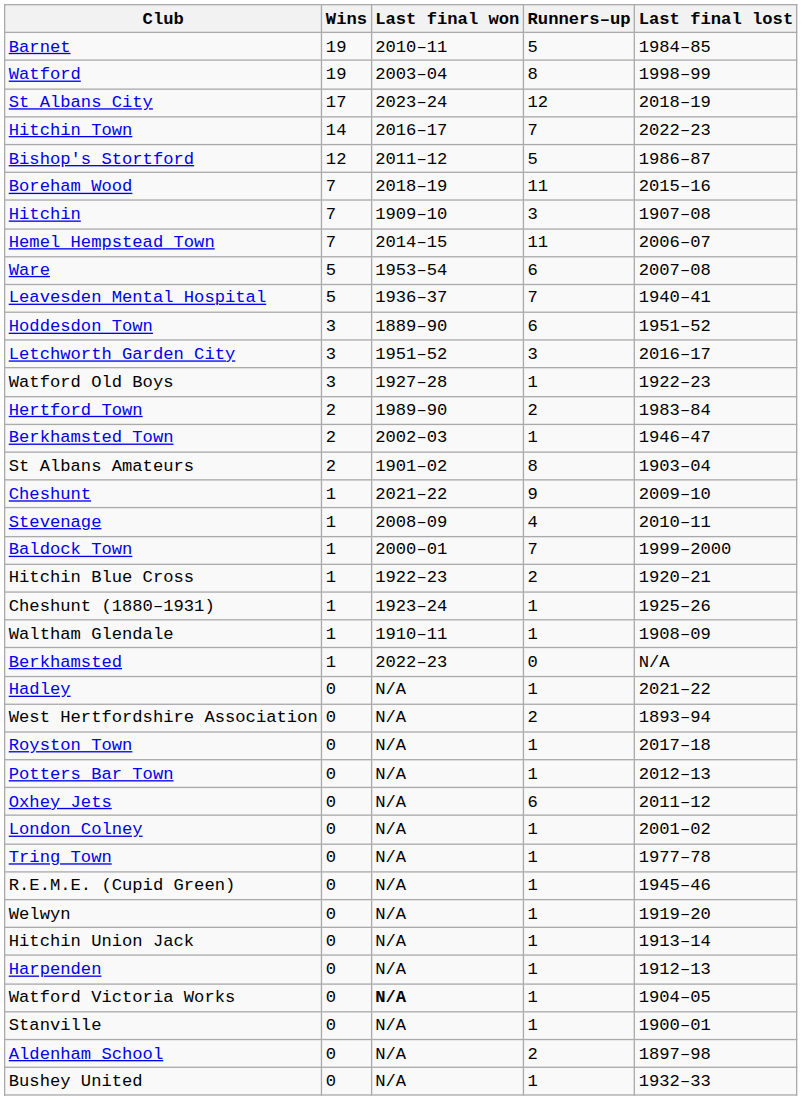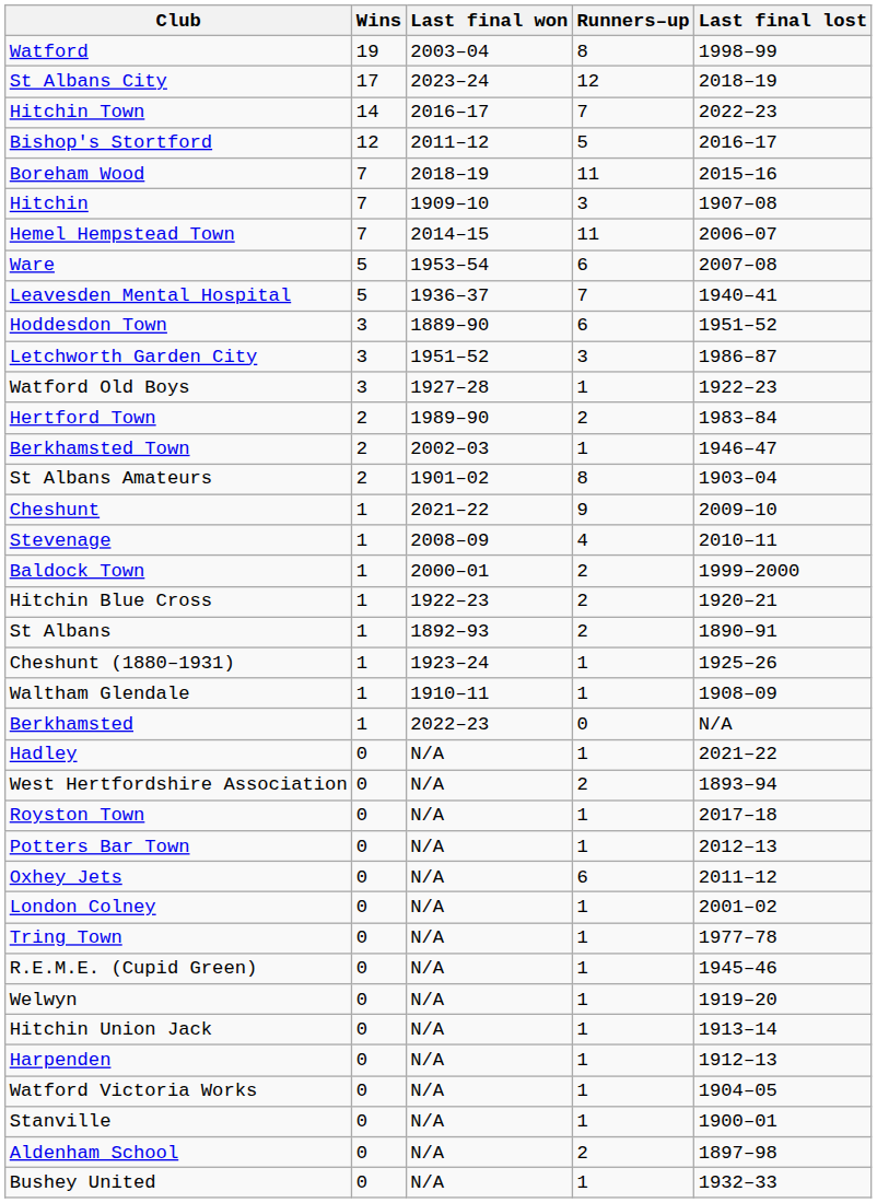 <table class="wikitable sortable" style="text–align: center;">
 <tr>
 <th>Club</th>
 <th>Wins</th>
 <th>Last final won</th>
 <th>Runners–up</th>
 <th>Last final lost</th>
-</tr>
-<tr>
-<td align=left><a href='#'>Barnet</a></td>
-<td>19</td>
-<td>2010–11</td>
-<td>5</td>
-<td>1984–85</td>
 </tr>
 <tr>
 <td align=left><a href='#'>Watford</a></td>
 <td>19</td>
 <td>2003–04</td>
 <td>8</td>
 <td>1998–99</td>
 </tr>
 <tr>
 <td align=left><a href='#'>St Albans City</a></td>
 <td>17</td>
 <td>2023–24</td>
 <td>12</td>
 <td>2018–19</td>
 </tr>
 <tr>
 <td align=left><a href='#'>Hitchin Town</a></td>
 <td>14</td>
 <td>2016–17</td>
 <td>7</td>
 <td>2022–23</td>
 </tr>
 <tr>
 <td align=left><a href='#'>Bishop's Stortford</a></td>
 <td>12</td>
 <td>2011–12</td>
 <td>5</td>
-<td>1986–87</td>
+<td>2016–17</td>
 </tr>
 <tr>
 <td align=left><a href='#'>Boreham Wood</a></td>
 <td>7</td>
 <td>2018–19</td>
 <td>11</td>
 <td>2015–16</td>
 </tr>
 <tr>
 <td align=left><a href='#'>Hitchin</a></td>
 <td>7</td>
 <td>1909–10</td>
 <td>3</td>
 <td>1907–08</td>
 </tr>
 <tr>
 <td align=left><a href='#'>Hemel Hempstead Town</a></td>
 <td>7</td>
 <td>2014–15</td>
 <td>11</td>
 <td>2006–07</td>
 </tr>
 <tr>
 <td align=left><a href='#'>Ware</a></td>
 <td>5</td>
 <td>1953–54</td>
 <td>6</td>
 <td>2007–08</td>
 </tr>
 <tr>
 <td align=left><a href='#'>Leavesden Mental Hospital</a></td>
 <td>5</td>
 <td>1936–37</td>
 <td>7</td>
 <td>1940–41</td>
 </tr>
 <tr>
 <td align=left><a href='#'>Hoddesdon Town</a></td>
 <td>3</td>
 <td>1889–90</td>
 <td>6</td>
 <td>1951–52</td>
 </tr>
 <tr>
 <td align=left><a href='#'>Letchworth Garden City</a></td>
 <td>3</td>
 <td>1951–52</td>
 <td>3</td>
-<td>2016–17</td>
+<td>1986–87</td>
 </tr>
 <tr>
 <td align=left>Watford Old Boys</td>
 <td>3</td>
 <td>1927–28</td>
 <td>1</td>
 <td>1922–23</td>
 </tr>
 <tr>
 <td align=left><a href='#'>Hertford Town</a></td>
 <td>2</td>
 <td>1989–90</td>
 <td>2</td>
 <td>1983–84</td>
 </tr>
 <tr>
 <td align=left><a href='#'>Berkhamsted Town</a></td>
 <td>2</td>
 <td>2002–03</td>
 <td>1</td>
 <td>1946–47</td>
 </tr>
 <tr>
 <td align=left>St Albans Amateurs</td>
 <td>2</td>
 <td>1901–02</td>
 <td>8</td>
 <td>1903–04</td>
 </tr>
 <tr>
 <td align=left><a href='#'>Cheshunt</a></td>
 <td>1</td>
 <td>2021–22</td>
 <td>9</td>
 <td>2009–10</td>
 </tr>
 <tr>
 <td align=left><a href='#'>Stevenage</a></td>
 <td>1</td>
 <td>2008–09</td>
 <td>4</td>
 <td>2010–11</td>
 </tr>
 <tr>
 <td align=left><a href='#'>Baldock Town</a></td>
 <td>1</td>
 <td>2000–01</td>
-<td>7</td>
+<td>2</td>
 <td>1999–2000</td>
 </tr>
 <tr>
 <td align=left>Hitchin Blue Cross</td>
 <td>1</td>
 <td>1922–23</td>
 <td>2</td>
 <td>1920–21</td>
+</tr>
+<tr>
+<td align=left>St Albans</td>
+<td>1</td>
+<td>1892–93</td>
+<td>2</td>
+<td>1890–91</td>
 </tr>
 <tr>
 <td align=left>Cheshunt (1880–1931)</td>
 <td>1</td>
 <td>1923–24</td>
 <td>1</td>
 <td>1925–26</td>
 </tr>
 <tr>
 <td align=left>Waltham Glendale</td>
 <td>1</td>
 <td>1910–11</td>
 <td>1</td>
 <td>1908–09</td>
 </tr>
 <tr>
 <td align=left><a href='#'>Berkhamsted</a></td>
 <td>1</td>
 <td>2022–23</td>
 <td>0</td>
 <td>N/A</td>
 </tr>
 <tr>
 <td align=left><a href='#'>Hadley</a></td>
 <td>0</td>
 <td>N/A</td>
 <td>1</td>
 <td>2021–22</td>
 </tr>
 <tr>
 <td align=left>West Hertfordshire Association</td>
 <td>0</td>
 <td>N/A</td>
 <td>2</td>
 <td>1893–94</td>
 </tr>
 <tr>
 <td align=left><a href='#'>Royston Town</a></td>
 <td>0</td>
 <td>N/A</td>
 <td>1</td>
 <td>2017–18</td>
 </tr>
 <tr>
 <td align=left><a href='#'>Potters Bar Town</a></td>
 <td>0</td>
 <td>N/A</td>
 <td>1</td>
 <td>2012–13</td>
 </tr>
 <tr>
 <td align=left><a href='#'>Oxhey Jets</a></td>
 <td>0</td>
 <td>N/A</td>
 <td>6</td>
 <td>2011–12</td>
 </tr>
 <tr>
 <td align=left><a href='#'>London Colney</a></td>
 <td>0</td>
 <td>N/A</td>
 <td>1</td>
 <td>2001–02</td>
 </tr>
 <tr>
 <td align=left><a href='#'>Tring Town</a></td>
 <td>0</td>
 <td>N/A</td>
 <td>1</td>
 <td>1977–78</td>
 </tr>
 <tr>
 <td align=left>R.E.M.E. (Cupid Green)</td>
 <td>0</td>
 <td>N/A</td>
 <td>1</td>
 <td>1945–46</td>
 </tr>
 <tr>
 <td align=left>Welwyn</td>
 <td>0</td>
 <td>N/A</td>
 <td>1</td>
 <td>1919–20</td>
 </tr>
 <tr>
 <td align=left>Hitchin Union Jack</td>
 <td>0</td>
 <td>N/A</td>
 <td>1</td>
 <td>1913–14</td>
 </tr>
 <tr>
 <td align=left><a href='#'>Harpenden</a></td>
 <td>0</td>
 <td>N/A</td>
 <td>1</td>
 <td>1912–13</td>
 </tr>
 <tr>
 <td align=left>Watford Victoria Works</td>
 <td>0</td>
-<td><strong>N/A</strong></td>
+<td>N/A</td>
 <td>1</td>
 <td>1904–05</td>
 </tr>
 <tr>
 <td align=left>Stanville</td>
 <td>0</td>
 <td>N/A</td>
 <td>1</td>
 <td>1900–01</td>
 </tr>
 <tr>
 <td align=left><a href='#'>Aldenham School</a></td>
 <td>0</td>
 <td>N/A</td>
 <td>2</td>
 <td>1897–98</td>
 </tr>
 <tr>
 <td align=left>Bushey United</td>
 <td>0</td>
 <td>N/A</td>
 <td>1</td>
 <td>1932–33</td>
 </tr>
 </table>
